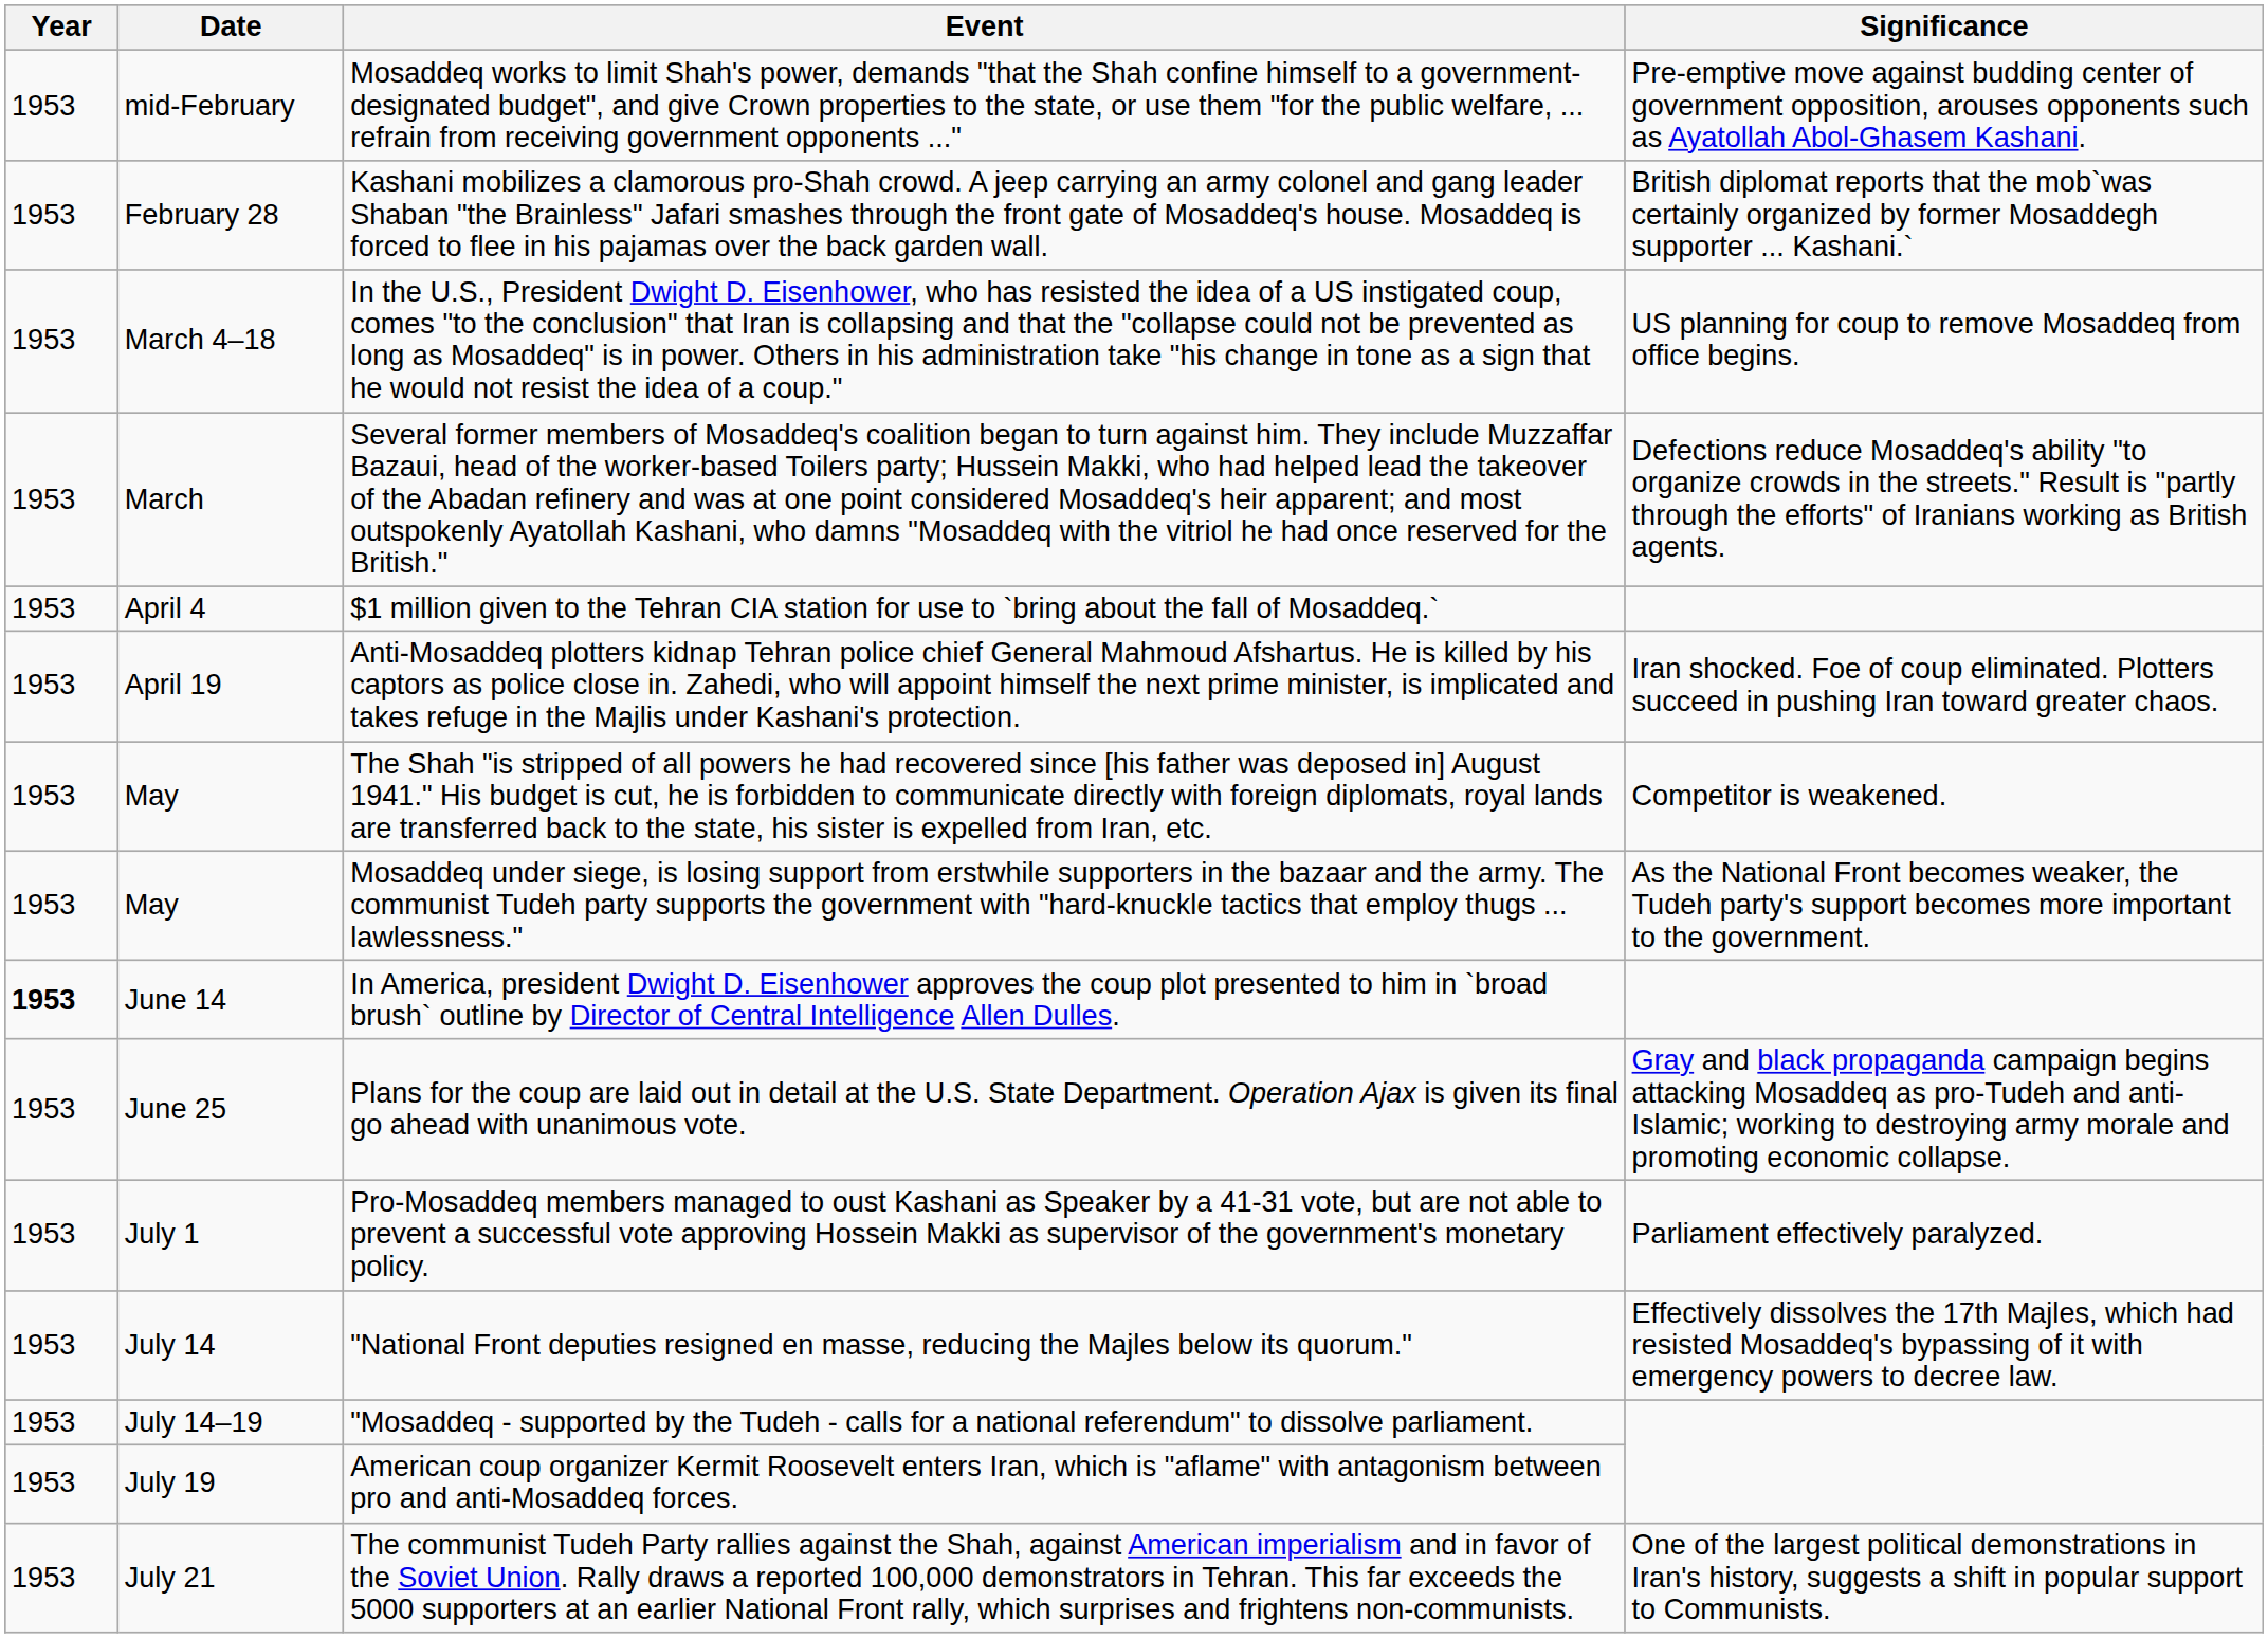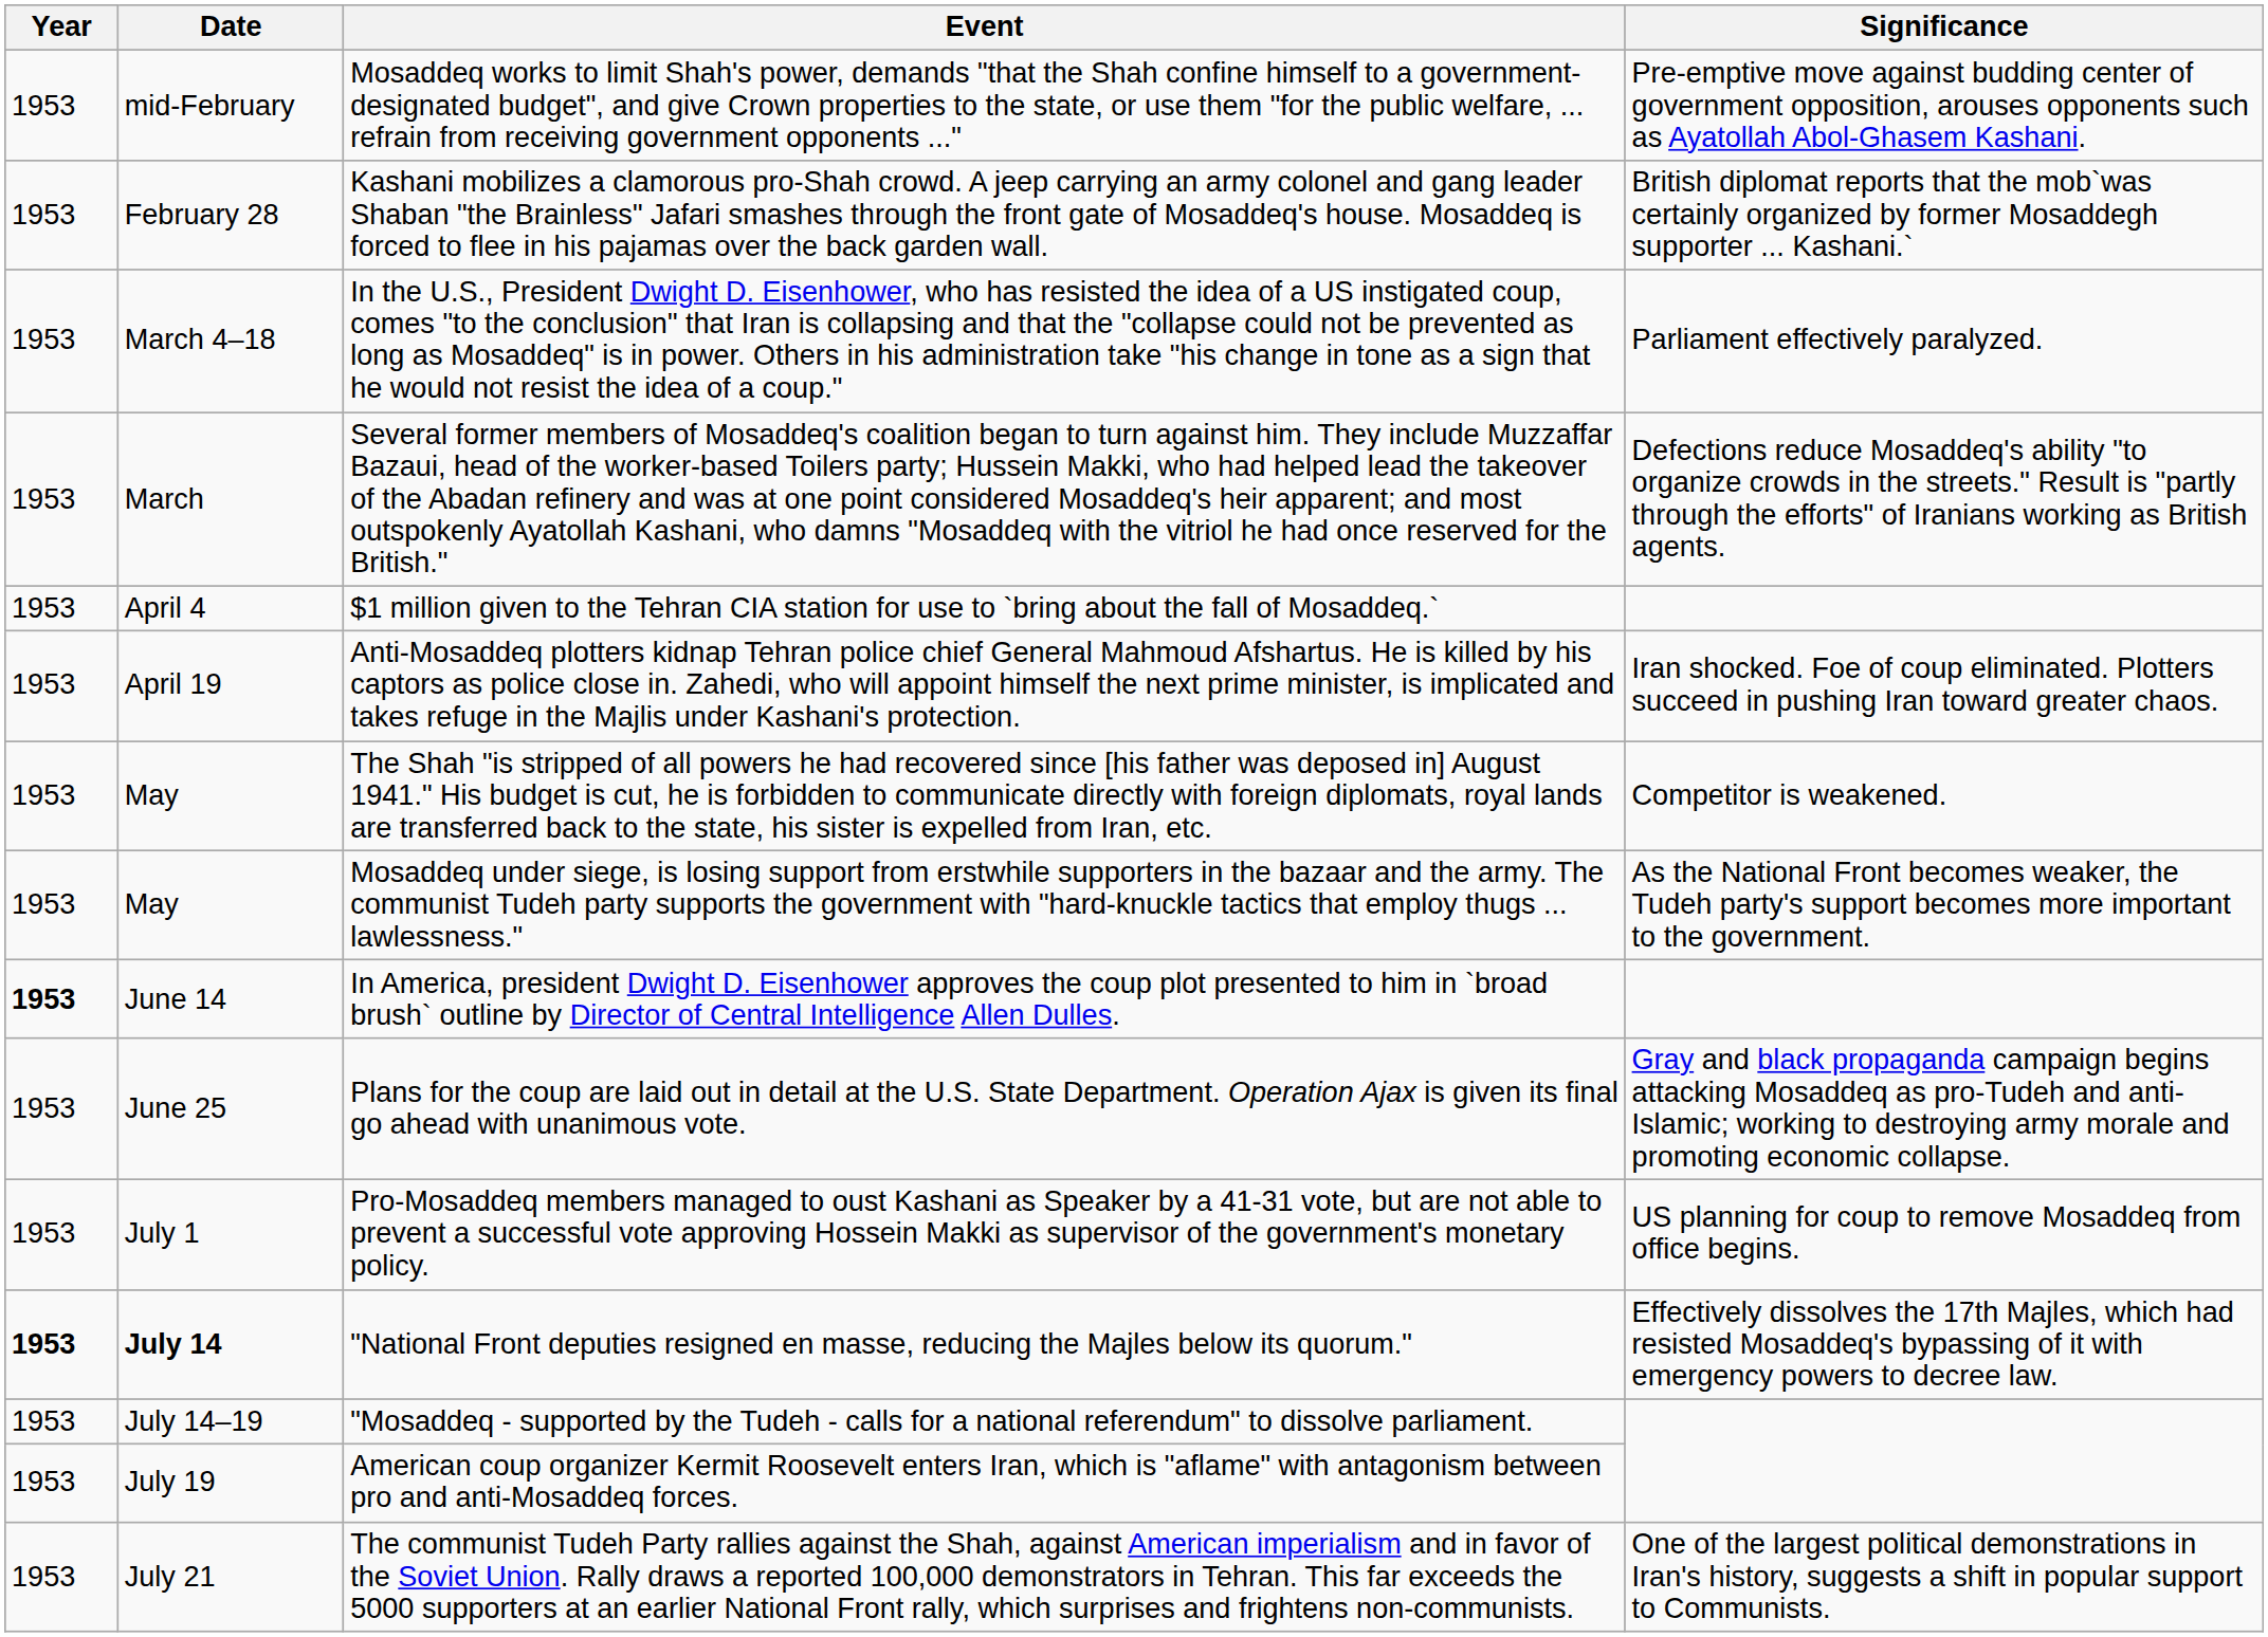 <table class="wikitable" width="100%">
 <tr>
 <th style="width:5%">Year</th>
 <th style="width:10%">Date</th>
 <th>Event</th>
 <th>Significance</th>
 </tr>
 <tr>
 <td>1953</td>
 <td>mid-February</td>
 <td>Mosaddeq works to limit Shah's power, demands "that the Shah confine himself to a government-designated budget", and give Crown properties to the state, or use them "for the public welfare, ... refrain from receiving government opponents ..."</td>
 <td>Pre-emptive move against budding center of government opposition, arouses opponents such as <a href='#'>Ayatollah Abol-Ghasem Kashani</a>.</td>
 </tr>
 <tr>
 <td>1953</td>
 <td>February 28</td>
 <td>Kashani mobilizes a clamorous pro-Shah crowd. A jeep carrying an army colonel and gang leader Shaban "the Brainless" Jafari smashes through the front gate of Mosaddeq's house. Mosaddeq is forced to flee in his pajamas over the back garden wall.</td>
 <td>British diplomat reports that the mob`was certainly organized by former Mosaddegh supporter ... Kashani.` </td>
 </tr>
 <tr>
 <td>1953</td>
 <td>March 4–18</td>
 <td>In the U.S., President <a href='#'>Dwight D. Eisenhower</a>, who has resisted the idea of a US instigated coup, comes "to the conclusion" that Iran is collapsing and that the "collapse could not be prevented as long as Mosaddeq" is in power. Others in his administration take "his change in tone as a sign that he would not resist the idea of a coup."</td>
-<td>US planning for coup to remove Mosaddeq from office begins.</td>
+<td>Parliament effectively paralyzed.</td>
 </tr>
 <tr>
 <td>1953</td>
 <td>March</td>
 <td>Several former members of Mosaddeq's coalition began to turn against him. They include Muzzaffar Bazaui, head of the worker-based Toilers party; Hussein Makki, who had helped lead the takeover of the Abadan refinery and was at one point considered Mosaddeq's heir apparent; and most outspokenly Ayatollah Kashani, who damns "Mosaddeq with the vitriol he had once reserved for the British."</td>
 <td>Defections reduce Mosaddeq's ability "to organize crowds in the streets." Result is "partly through the efforts" of Iranians working as British agents.</td>
 </tr>
 <tr>
 <td>1953</td>
 <td>April 4</td>
 <td>$1 million given to the Tehran CIA station for use to `bring about the fall of Mosaddeq.` </td>
 </tr>
 <tr>
 <td>1953</td>
 <td>April 19</td>
 <td>Anti-Mosaddeq plotters kidnap Tehran police chief General Mahmoud Afshartus. He is killed by his captors as police close in. Zahedi, who will appoint himself the next prime minister, is implicated and takes refuge in the Majlis under Kashani's protection.</td>
 <td>Iran shocked. Foe of coup eliminated. Plotters succeed in pushing Iran toward greater chaos.</td>
 </tr>
 <tr>
 <td>1953</td>
 <td>May</td>
 <td>The Shah "is stripped of all powers he had recovered since [his father was deposed in] August 1941." His budget is cut, he is forbidden to communicate directly with foreign diplomats, royal lands are transferred back to the state, his sister is expelled from Iran, etc.</td>
 <td>Competitor is weakened.</td>
 </tr>
 <tr>
 <td>1953</td>
 <td>May</td>
 <td>Mosaddeq under siege, is losing support from erstwhile supporters in the bazaar and the army. The communist Tudeh party supports the government with "hard-knuckle tactics that employ thugs ... lawlessness."</td>
 <td>As the National Front becomes weaker, the Tudeh party's support becomes more important to the government.</td>
 </tr>
 <tr>
 <td><strong>1953</strong></td>
 <td>June 14</td>
 <td>In America, president <a href='#'>Dwight D. Eisenhower</a> approves the coup plot presented to him in `broad brush` outline by <a href='#'>Director of Central Intelligence</a> <a href='#'>Allen Dulles</a>.</td>
 </tr>
 <tr>
 <td>1953</td>
 <td>June 25</td>
 <td>Plans for the coup are laid out in detail at the U.S. State Department. <em>Operation Ajax</em> is given its final go ahead with unanimous vote.</td>
 <td><a href='#'>Gray</a> and <a href='#'>black propaganda</a> campaign begins attacking Mosaddeq as pro-Tudeh and anti-Islamic; working to destroying army morale and promoting economic collapse.</td>
 </tr>
 <tr>
 <td>1953</td>
 <td>July 1</td>
 <td>Pro-Mosaddeq members managed to oust Kashani as Speaker by a 41-31 vote, but are not able to prevent a successful vote approving Hossein Makki as supervisor of the government's monetary policy.</td>
-<td>Parliament effectively paralyzed.</td>
+<td>US planning for coup to remove Mosaddeq from office begins.</td>
 </tr>
 <tr>
-<td>1953</td>
-<td>July 14</td>
+<td><strong>1953</strong></td>
+<td><strong>July 14</strong></td>
 <td>"National Front deputies resigned en masse, reducing the Majles below its quorum."</td>
 <td>Effectively dissolves the 17th Majles, which had resisted Mosaddeq's bypassing of it with emergency powers to decree law.</td>
 </tr>
 <tr>
 <td>1953</td>
 <td>July 14–19</td>
 <td>"Mosaddeq - supported by the Tudeh - calls for a national referendum" to dissolve parliament.</td>
 </tr>
 <tr>
 <td>1953</td>
 <td>July 19</td>
 <td>American coup organizer Kermit Roosevelt enters Iran, which is "aflame" with antagonism between pro and anti-Mosaddeq forces.</td>
 </tr>
 <tr>
 <td>1953</td>
 <td>July 21</td>
 <td>The communist Tudeh Party rallies against the Shah, against <a href='#'>American imperialism</a> and in favor of the <a href='#'>Soviet Union</a>. Rally draws a reported 100,000 demonstrators in Tehran. This far exceeds the 5000 supporters at an earlier National Front rally, which surprises and frightens non-communists.</td>
 <td>One of the largest political demonstrations in Iran's history, suggests a shift in popular support to Communists.</td>
 </tr>
 </table>
